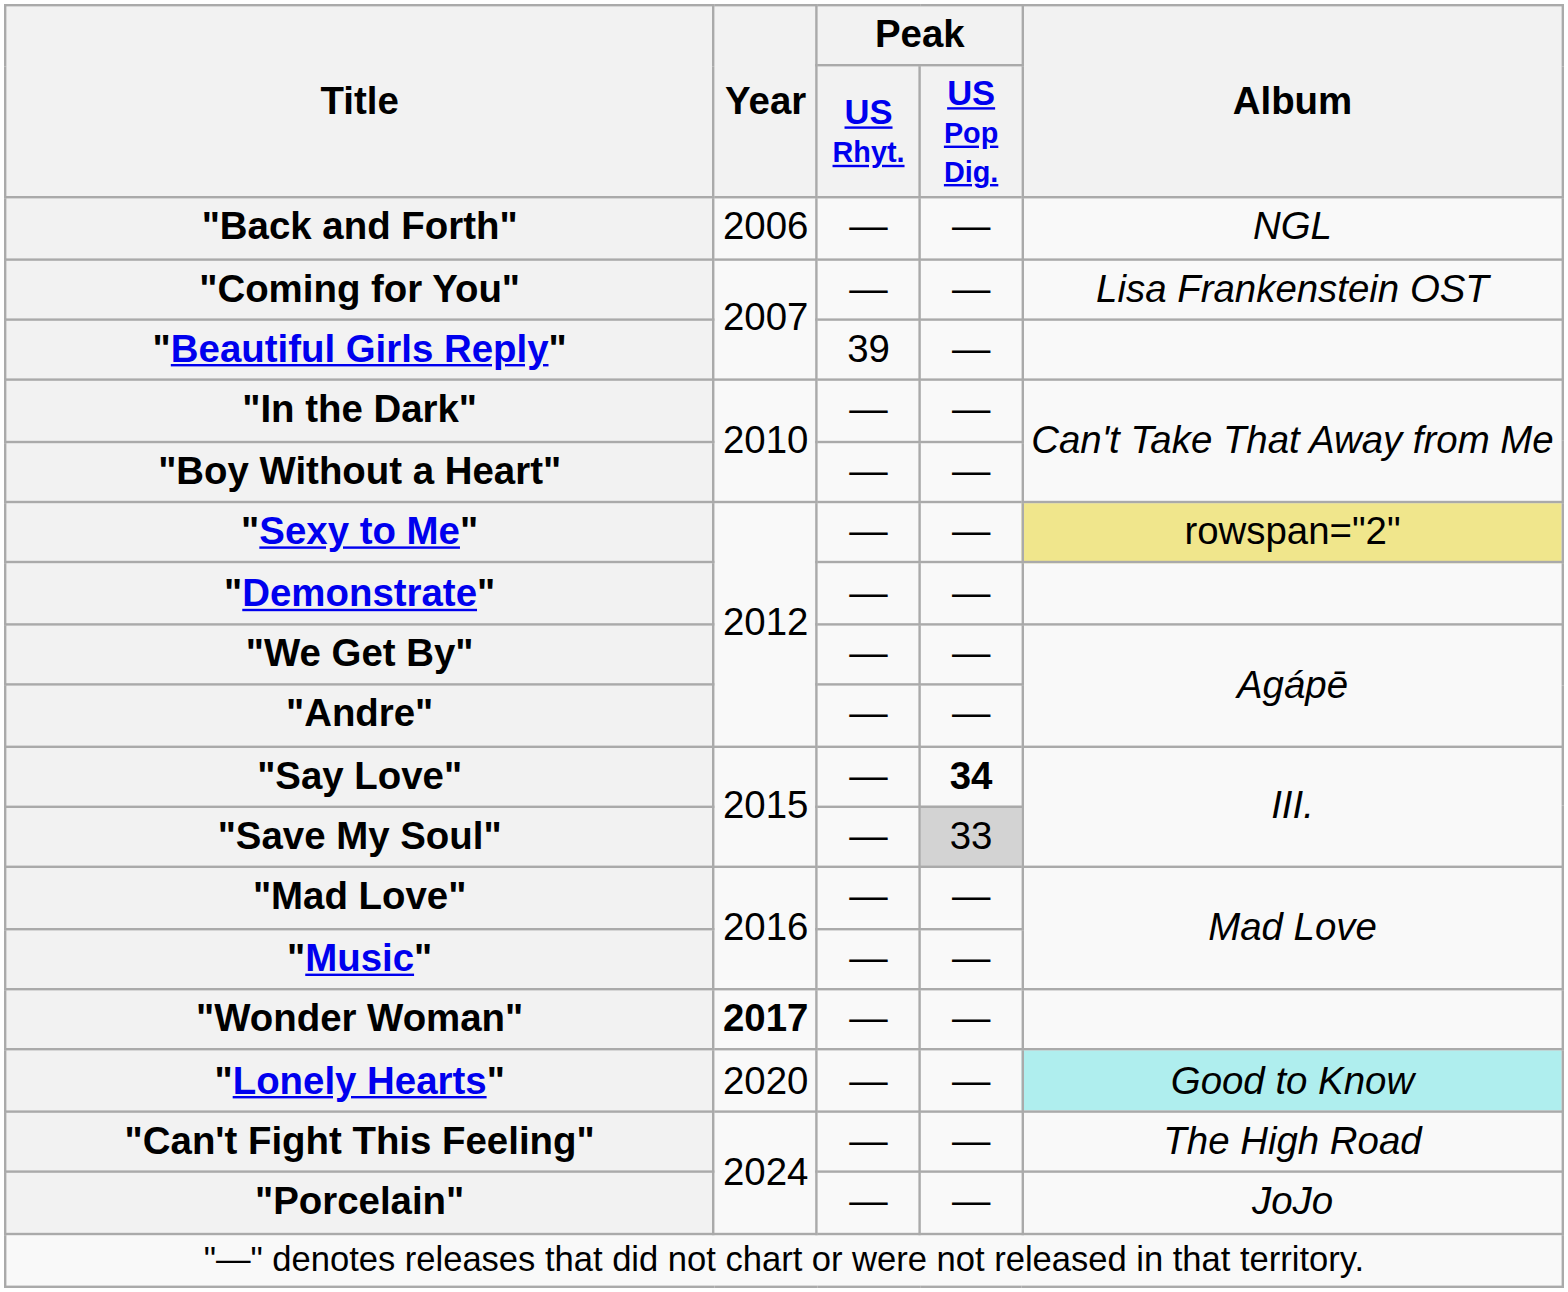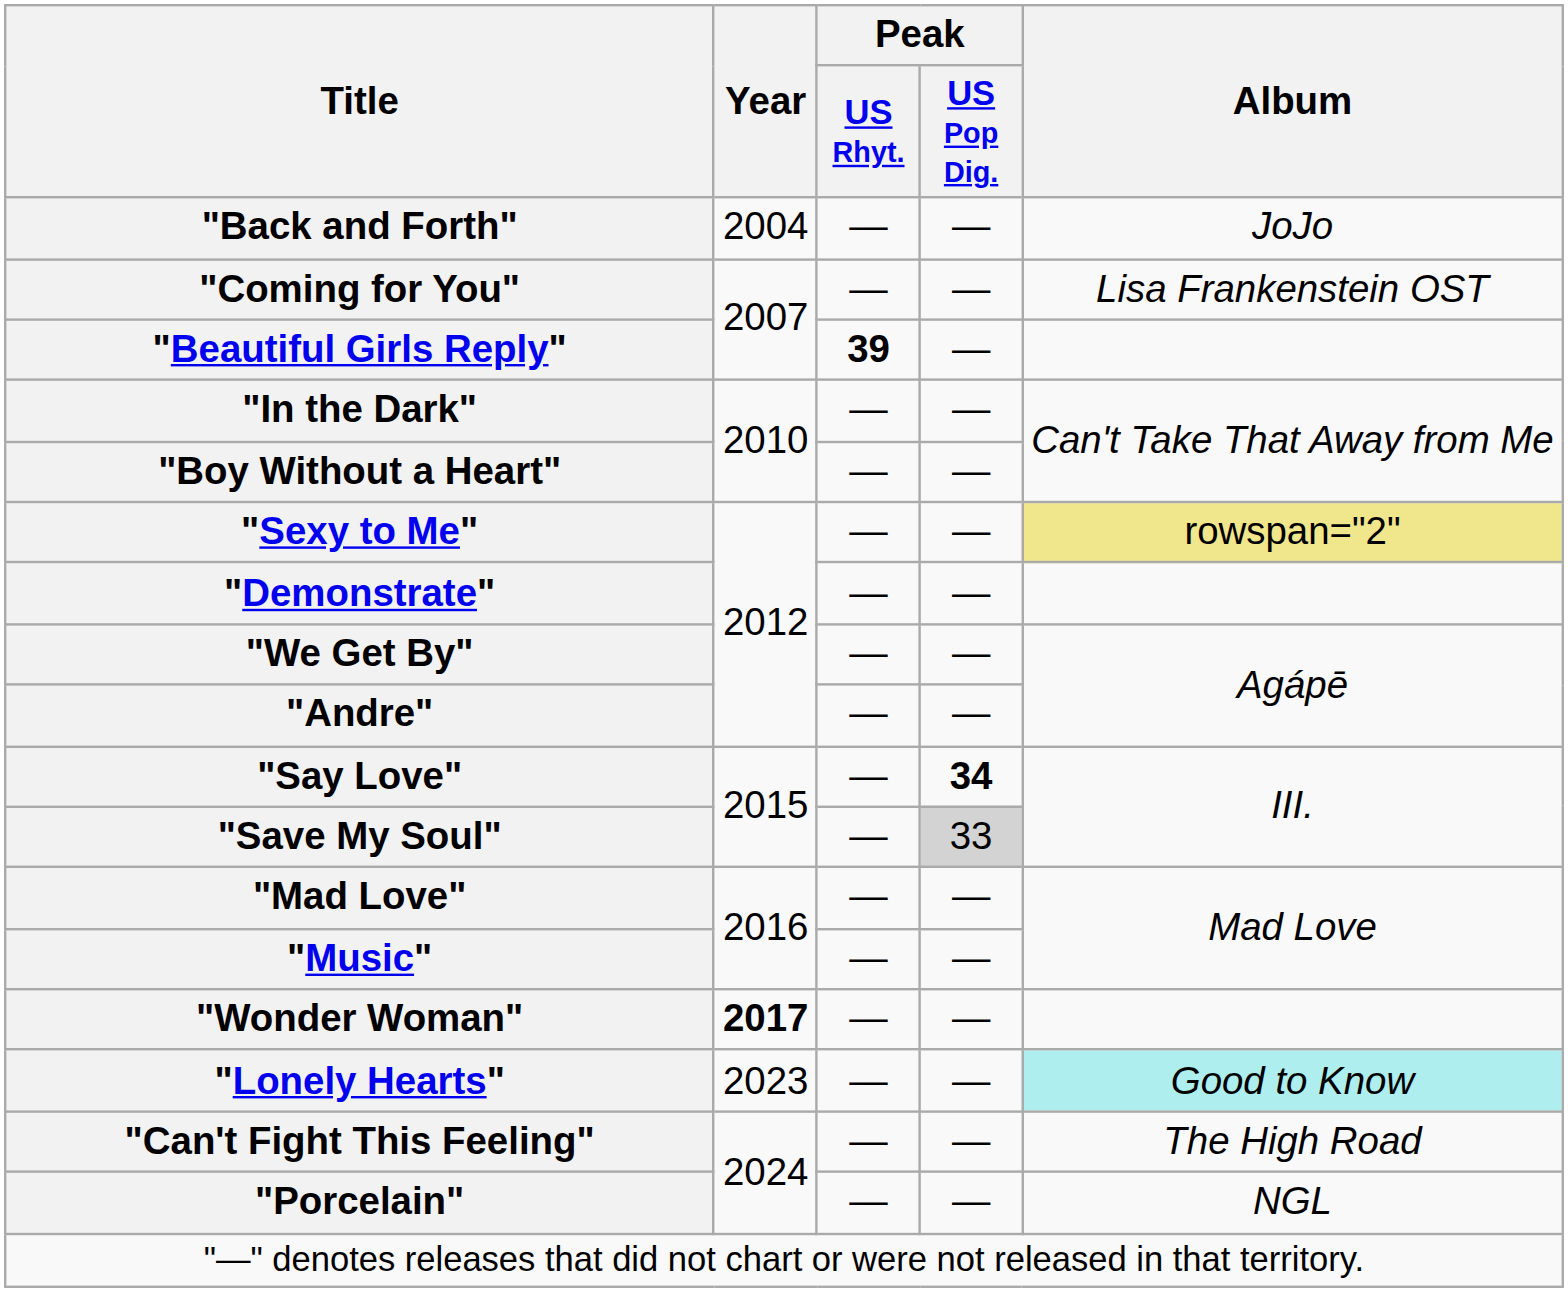 <table class="wikitable plainrowheaders" style="text-align:center;">
 <tr>
 <th scope="col" rowspan="2" style="width:18em;">Title</th>
 <th scope="col" rowspan="2">Year</th>
 <th scope="col" colspan="2">Peak</th>
 <th scope="col" rowspan="2">Album</th>
 </tr>
 <tr>
 <th scope="col" style="width:2.5em;font-size:90%;"><a href='#'>US<br><small>Rhyt.</small></a><br></th>
 <th scope="col" style="width:2.5em;font-size:90%;"><a href='#'>US<br><small>Pop Dig.</small></a><br></th>
 </tr>
 <tr>
 <th scope="row">"Back and Forth"</th>
-<td>2006</td>
+<td>2004</td>
 <td>—</td>
 <td>—</td>
-<td><em>NGL</em></td>
+<td><em>JoJo</em></td>
 </tr>
 <tr>
 <th scope="row">"Coming for You"</th>
 <td rowspan="2">2007</td>
 <td>—</td>
 <td>—</td>
 <td><em>Lisa Frankenstein OST</em></td>
 </tr>
 <tr>
 <th scope="row">"<a href='#'>Beautiful Girls Reply</a>"</th>
-<td>39</td>
+<td><strong>39</strong></td>
 <td>—</td>
 <td></td>
 </tr>
 <tr>
 <th scope="row">"In the Dark"</th>
 <td style="text-align:center;" rowspan="2">2010</td>
 <td>—</td>
 <td>—</td>
 <td style="text-align:center;" rowspan="2"><em>Can't Take That Away from Me</em></td>
 </tr>
 <tr>
 <th scope="row">"Boy Without a Heart"</th>
 <td>—</td>
 <td>—</td>
 </tr>
 <tr>
 <th scope="row">"<a href='#'>Sexy to Me</a>"</th>
 <td rowspan="4">2012</td>
 <td>—</td>
 <td>—</td>
 <td style="background: khaki;">rowspan="2" </td>
 </tr>
 <tr>
 <th scope="row">"<a href='#'>Demonstrate</a>"</th>
 <td>—</td>
 <td>—</td>
 </tr>
 <tr>
 <th scope="row">"We Get By"</th>
 <td>—</td>
 <td>—</td>
 <td rowspan="2"><em>Agápē</em></td>
 </tr>
 <tr>
 <th scope="row">"Andre"</th>
 <td>—</td>
 <td>—</td>
 </tr>
 <tr>
 <th scope="row">"Say Love"</th>
 <td rowspan="2">2015</td>
 <td>—</td>
 <td><strong>34</strong></td>
 <td rowspan="2"><em>III.</em></td>
 </tr>
 <tr>
 <th scope="row">"Save My Soul"</th>
 <td>—</td>
 <td style="background: lightgrey;">33</td>
 </tr>
 <tr>
 <th scope="row">"Mad Love"</th>
 <td rowspan="2">2016</td>
 <td>—</td>
 <td>—</td>
 <td rowspan="2"><em>Mad Love</em></td>
 </tr>
 <tr>
 <th scope="row">"<a href='#'>Music</a>"</th>
 <td>—</td>
 <td>—</td>
 </tr>
 <tr>
 <th scope="row">"Wonder Woman"</th>
 <td><strong>2017</strong></td>
 <td>—</td>
 <td>—</td>
 <td></td>
 </tr>
 <tr>
 <th scope="row">"<a href='#'>Lonely Hearts</a>"</th>
-<td>2020</td>
+<td>2023</td>
 <td>—</td>
 <td>—</td>
 <td style="background: paleturquoise;"><em>Good to Know</em></td>
 </tr>
 <tr>
 <th scope="row">"Can't Fight This Feeling"</th>
 <td rowspan="2">2024</td>
 <td>—</td>
 <td>—</td>
 <td><em>The High Road</em></td>
 </tr>
 <tr>
 <th scope="row">"Porcelain"</th>
 <td>—</td>
 <td>—</td>
-<td><em>JoJo</em></td>
+<td><em>NGL</em></td>
 </tr>
 <tr>
 <td colspan="15" style="font-size:90%;">"—" denotes releases that did not chart or were not released in that territory.</td>
 </tr>
 </table>
